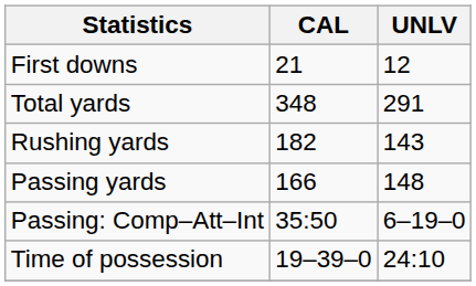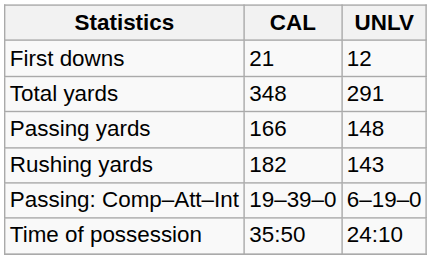 <table class="wikitable" style="float: left;">
 <tr>
 <th>Statistics</th>
 <th>CAL</th>
 <th>UNLV</th>
 </tr>
 <tr>
 <td>First downs</td>
 <td>21</td>
 <td>12</td>
 </tr>
 <tr>
 <td>Total yards</td>
 <td>348</td>
 <td>291</td>
 </tr>
 <tr>
+<td>Passing yards</td>
+<td>166</td>
+<td>148</td>
+</tr>
+<tr>
 <td>Rushing yards</td>
 <td>182</td>
 <td>143</td>
 </tr>
 <tr>
-<td>Passing yards</td>
-<td>166</td>
-<td>148</td>
-</tr>
-<tr>
 <td>Passing: Comp–Att–Int</td>
-<td>35:50</td>
+<td>19–39–0</td>
 <td>6–19–0</td>
 </tr>
 <tr>
 <td>Time of possession</td>
-<td>19–39–0</td>
+<td>35:50</td>
 <td>24:10</td>
 </tr>
 <tr>
 </tr>
 </table>
